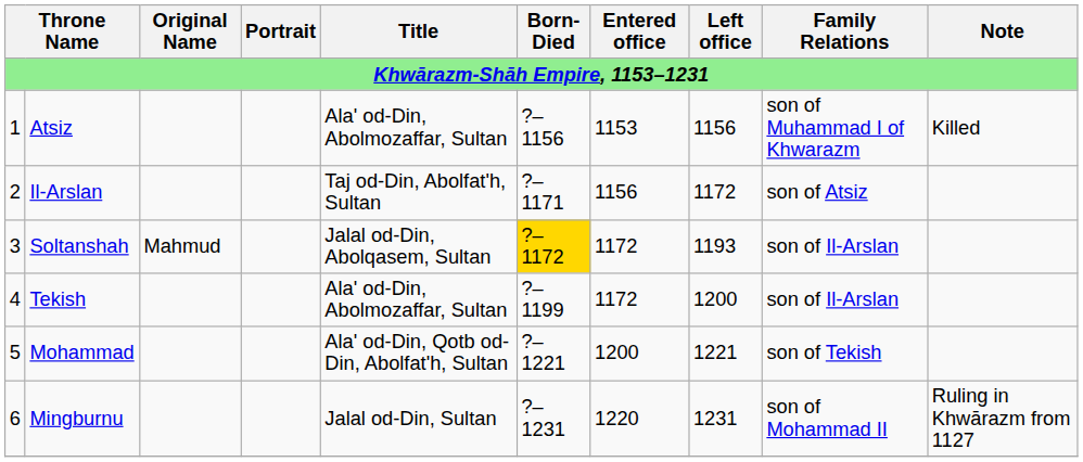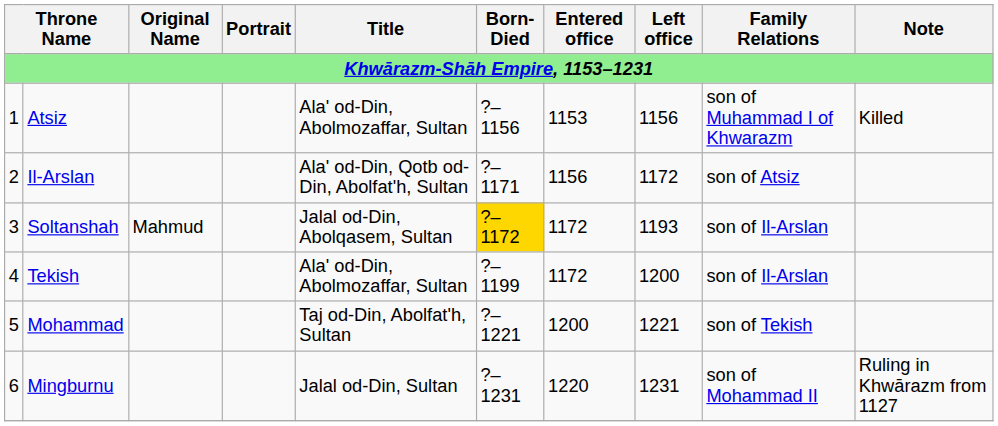 <table class="wikitable">
 <tr>
 <th colspan=2>Throne Name</th>
 <th>Original Name</th>
 <th>Portrait</th>
 <th>Title</th>
 <th>Born-Died</th>
 <th>Entered office</th>
 <th>Left office</th>
 <th>Family Relations</th>
 <th>Note</th>
 </tr>
 <tr>
 <td colspan="10" align=center style="background-color:Lightgreen"><strong><em><a href='#'>Khwārazm-Shāh Empire</a>, 1153–1231</em></strong></td>
 </tr>
 <tr>
 <td>1</td>
 <td><a href='#'>Atsiz</a></td>
 <td></td>
 <td></td>
 <td>Ala' od-Din, Abolmozaffar, Sultan</td>
 <td>?–1156</td>
 <td>1153</td>
 <td>1156</td>
 <td>son of <a href='#'>Muhammad I of Khwarazm</a></td>
 <td>Killed</td>
 </tr>
 <tr>
 <td>2</td>
 <td><a href='#'>Il-Arslan</a></td>
 <td></td>
 <td></td>
-<td>Taj od-Din, Abolfat'h, Sultan</td>
+<td>Ala' od-Din, Qotb od-Din, Abolfat'h, Sultan</td>
 <td>?–1171</td>
 <td>1156</td>
 <td>1172</td>
 <td>son of <a href='#'>Atsiz</a></td>
 <td></td>
 </tr>
 <tr>
 <td>3</td>
 <td><a href='#'>Soltanshah</a></td>
 <td>Mahmud</td>
 <td></td>
 <td>Jalal od-Din, Abolqasem, Sultan</td>
 <td style="background: gold;">?–1172</td>
 <td>1172</td>
 <td>1193</td>
 <td>son of <a href='#'>Il-Arslan</a></td>
 <td></td>
 </tr>
 <tr>
 <td>4</td>
 <td><a href='#'>Tekish</a></td>
 <td></td>
 <td></td>
 <td>Ala' od-Din, Abolmozaffar, Sultan</td>
 <td>?–1199</td>
 <td>1172</td>
 <td>1200</td>
 <td>son of <a href='#'>Il-Arslan</a></td>
 <td></td>
 </tr>
 <tr>
 <td>5</td>
 <td><a href='#'>Mohammad</a></td>
 <td></td>
 <td></td>
-<td>Ala' od-Din, Qotb od-Din, Abolfat'h, Sultan</td>
+<td>Taj od-Din, Abolfat'h, Sultan</td>
 <td>?–1221</td>
 <td>1200</td>
 <td>1221</td>
 <td>son of <a href='#'>Tekish</a></td>
 <td></td>
 </tr>
 <tr>
 <td>6</td>
 <td><a href='#'>Mingburnu</a></td>
 <td></td>
 <td></td>
 <td>Jalal od-Din, Sultan</td>
 <td>?–1231</td>
 <td>1220</td>
 <td>1231</td>
 <td>son of <a href='#'>Mohammad II</a></td>
 <td>Ruling in Khwārazm from 1127</td>
 </tr>
 <tr>
 </tr>
 </table>
